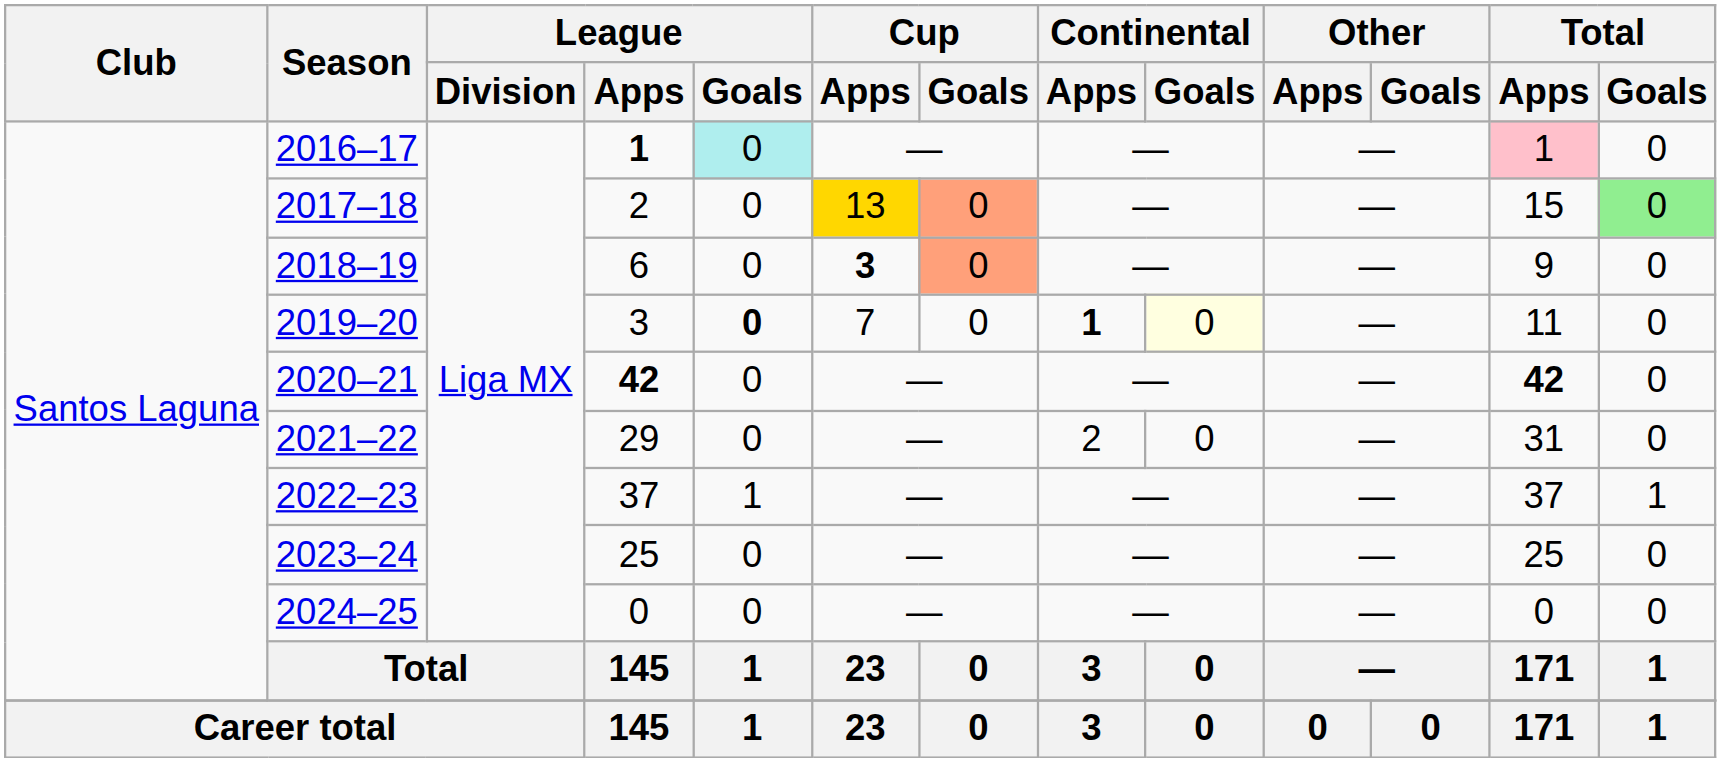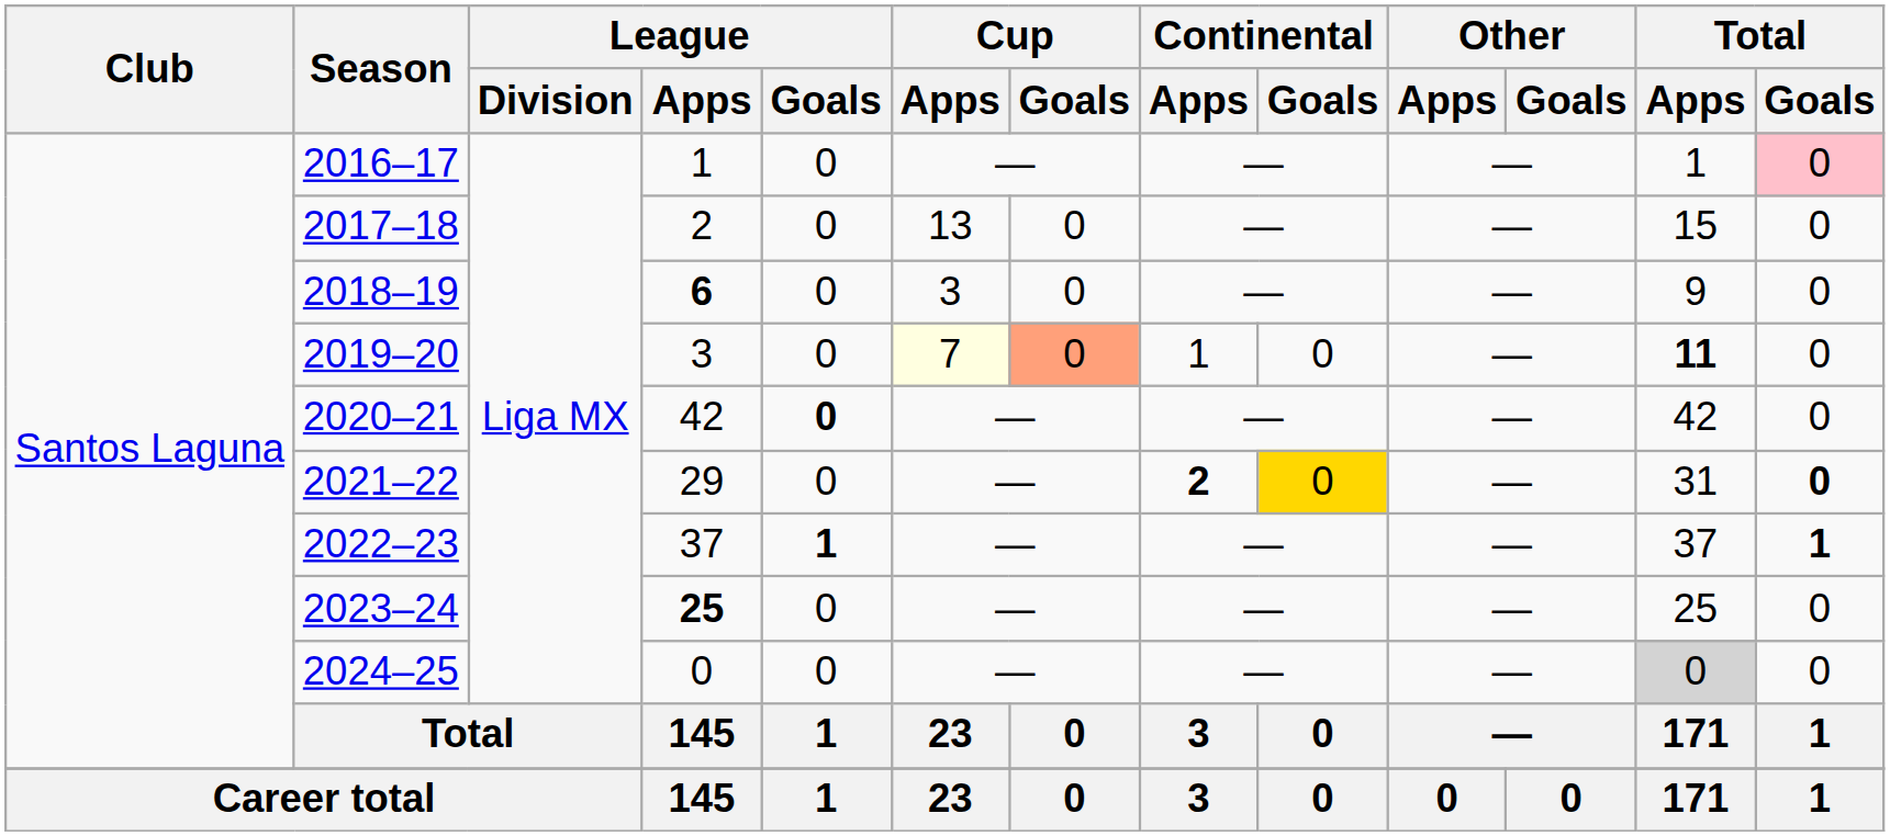 <table class="wikitable" style="text-align:center">
 <tr>
 <th rowspan="2">Club</th>
 <th rowspan="2">Season</th>
 <th colspan="3">League</th>
 <th colspan="2">Cup</th>
 <th colspan="2">Continental</th>
 <th colspan="2">Other</th>
 <th colspan="2">Total</th>
 </tr>
 <tr>
 <th>Division</th>
 <th>Apps</th>
 <th>Goals</th>
 <th>Apps</th>
 <th>Goals</th>
 <th>Apps</th>
 <th>Goals</th>
 <th>Apps</th>
 <th>Goals</th>
 <th>Apps</th>
 <th>Goals</th>
 </tr>
 <tr>
 <td rowspan="10"><a href='#'>Santos Laguna</a></td>
 <td><a href='#'>2016–17</a></td>
 <td rowspan="9"><a href='#'>Liga MX</a></td>
-<td><strong>1</strong></td>
-<td style="background: paleturquoise;">0</td>
+<td>1</td>
+<td>0</td>
 <td colspan=2>—</td>
 <td colspan=2>—</td>
 <td colspan=2>—</td>
-<td style="background: pink;">1</td>
-<td>0</td>
+<td>1</td>
+<td style="background: pink;">0</td>
 </tr>
 <tr>
 <td><a href='#'>2017–18</a></td>
 <td>2</td>
 <td>0</td>
-<td style="background: gold;">13</td>
-<td style="background: lightsalmon;">0</td>
+<td>13</td>
+<td>0</td>
 <td colspan=2>—</td>
 <td colspan=2>—</td>
 <td>15</td>
-<td style="background: lightgreen;">0</td>
+<td>0</td>
 </tr>
 <tr>
 <td><a href='#'>2018–19</a></td>
-<td>6</td>
+<td><strong>6</strong></td>
 <td>0</td>
-<td><strong>3</strong></td>
-<td style="background: lightsalmon;">0</td>
+<td>3</td>
+<td>0</td>
 <td colspan=2>—</td>
 <td colspan=2>—</td>
 <td>9</td>
 <td>0</td>
 </tr>
 <tr>
 <td><a href='#'>2019–20</a></td>
 <td>3</td>
-<td><strong>0</strong></td>
-<td>7</td>
 <td>0</td>
-<td><strong>1</strong></td>
-<td style="background: lightyellow;">0</td>
+<td style="background: lightyellow;">7</td>
+<td style="background: lightsalmon;">0</td>
+<td>1</td>
+<td>0</td>
 <td colspan=2>—</td>
-<td>11</td>
+<td><strong>11</strong></td>
 <td>0</td>
 </tr>
 <tr>
 <td><a href='#'>2020–21</a></td>
-<td><strong>42</strong></td>
-<td>0</td>
+<td>42</td>
+<td><strong>0</strong></td>
 <td colspan=2>—</td>
 <td colspan=2>—</td>
 <td colspan=2>—</td>
-<td><strong>42</strong></td>
+<td>42</td>
 <td>0</td>
 </tr>
 <tr>
 <td><a href='#'>2021–22</a></td>
 <td>29</td>
 <td>0</td>
 <td colspan=2>—</td>
-<td>2</td>
-<td>0</td>
+<td><strong>2</strong></td>
+<td style="background: gold;">0</td>
 <td colspan=2>—</td>
 <td>31</td>
-<td>0</td>
+<td><strong>0</strong></td>
 </tr>
 <tr>
 <td><a href='#'>2022–23</a></td>
 <td>37</td>
-<td>1</td>
+<td><strong>1</strong></td>
 <td colspan=2>—</td>
 <td colspan=2>—</td>
 <td colspan=2>—</td>
 <td>37</td>
-<td>1</td>
+<td><strong>1</strong></td>
 </tr>
 <tr>
 <td><a href='#'>2023–24</a></td>
-<td>25</td>
+<td><strong>25</strong></td>
 <td>0</td>
 <td colspan=2>—</td>
 <td colspan=2>—</td>
 <td colspan=2>—</td>
 <td>25</td>
 <td>0</td>
 </tr>
 <tr>
 <td><a href='#'>2024–25</a></td>
 <td>0</td>
 <td>0</td>
 <td colspan=2>—</td>
 <td colspan=2>—</td>
 <td colspan=2>—</td>
-<td>0</td>
+<td style="background: lightgrey;">0</td>
 <td>0</td>
 </tr>
 <tr>
 <th colspan="2">Total</th>
 <th>145</th>
 <th>1</th>
 <th>23</th>
 <th>0</th>
 <th>3</th>
 <th>0</th>
 <th colspan="2">—</th>
 <th>171</th>
 <th>1</th>
 </tr>
 <tr>
 </tr>
 <tr>
 <th colspan="3">Career total</th>
 <th>145</th>
 <th>1</th>
 <th>23</th>
 <th>0</th>
 <th>3</th>
 <th>0</th>
 <th>0</th>
 <th>0</th>
 <th>171</th>
 <th>1</th>
 </tr>
 </table>
